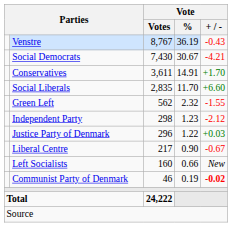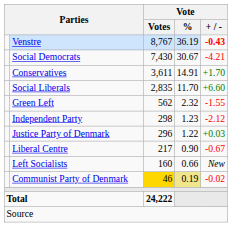 <table class="wikitable" style="text-align:right;">
 <tr>
 <th style="text-align:centre;" rowspan="2" colspan="2" width="225">Parties</th>
 <th colspan="3">Vote</th>
 </tr>
 <tr>
 <th width="15">Votes</th>
 <th width="15">%</th>
 <th width="15">+ / -</th>
 </tr>
 <tr>
 <td width="2" style="color:inherit;background:"></td>
 <td bgcolor=#cfe5fe  align="left"><a href='#'>Venstre</a></td>
 <td bgcolor=#cfe5fe>8,767</td>
 <td bgcolor=#cfe5fe>36.19</td>
-<td style=color:red;>-0.43</td>
+<td style=color:red;><strong>-0.43</strong></td>
 </tr>
 <tr>
 <td width="2" style="color:inherit;background:"></td>
 <td align="left"><a href='#'>Social Democrats</a></td>
 <td>7,430</td>
 <td>30.67</td>
 <td style=color:red;>-4.21</td>
 </tr>
 <tr>
 <td width="2" style="color:inherit;background:"></td>
 <td align="left"><a href='#'>Conservatives</a></td>
 <td>3,611</td>
 <td>14.91</td>
 <td style=color:green;>+1.70</td>
 </tr>
 <tr>
 <td width="2" style="color:inherit;background:"></td>
 <td align="left"><a href='#'>Social Liberals</a></td>
 <td>2,835</td>
 <td>11.70</td>
 <td style=color:green;>+6.60</td>
 </tr>
 <tr>
 <td width="2" style="color:inherit;background:"></td>
 <td align="left"><a href='#'>Green Left</a></td>
 <td>562</td>
 <td>2.32</td>
 <td style=color:red;>-1.55</td>
 </tr>
 <tr>
 <td width="2" style="color:inherit;background:"></td>
 <td align="left"><a href='#'>Independent Party</a></td>
 <td>298</td>
 <td>1.23</td>
 <td style=color:red;>-2.12</td>
 </tr>
 <tr>
 <td width="2" style="color:inherit;background:"></td>
 <td align="left"><a href='#'>Justice Party of Denmark</a></td>
 <td>296</td>
 <td>1.22</td>
 <td style=color:green;>+0.03</td>
 </tr>
 <tr>
 <td width="2" style="color:inherit;background:"></td>
 <td align="left"><a href='#'>Liberal Centre</a></td>
 <td>217</td>
 <td>0.90</td>
 <td style=color:red;>-0.67</td>
 </tr>
 <tr>
 <td width="2" style="color:inherit;background:"></td>
 <td align="left"><a href='#'>Left Socialists</a></td>
 <td>160</td>
 <td>0.66</td>
 <td><em>New</em></td>
 </tr>
 <tr>
 <td width="2" style="color:inherit;background:"></td>
 <td align="left"><a href='#'>Communist Party of Denmark</a></td>
-<td>46</td>
-<td>0.19</td>
-<td style=color:red;><strong>-0.02</strong></td>
+<td style="background: gold;">46</td>
+<td style="background: khaki;">0.19</td>
+<td style=color:red;>-0.02</td>
 </tr>
 <tr>
 <td colspan="7" bgcolor="#E9E9E9"></td>
 </tr>
 <tr>
 <td align="left" colspan="2"><strong>Total</strong></td>
 <td><strong>24,222</strong></td>
 <td bgcolor="#E9E9E9" colspan="2"></td>
 </tr>
 <tr>
 <td align="left" colspan="6">Source</td>
 </tr>
 </table>
